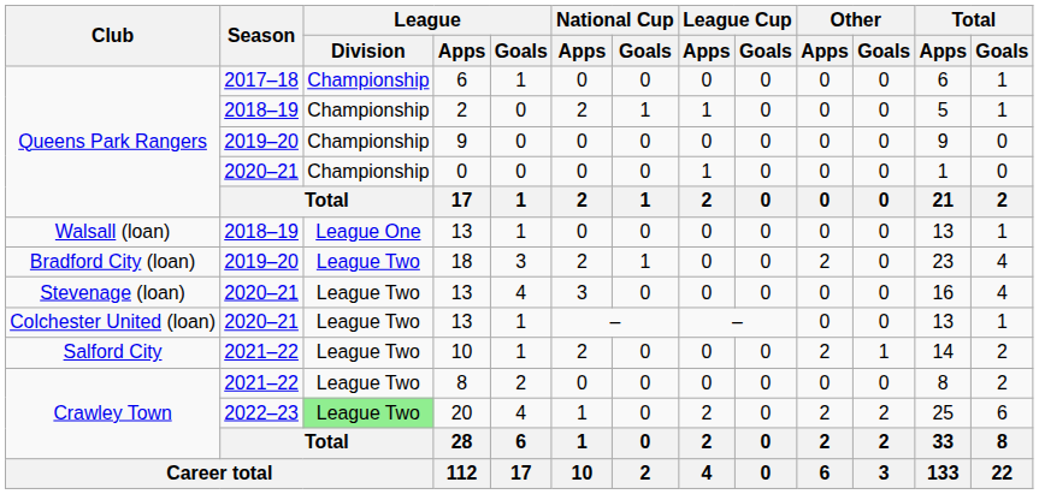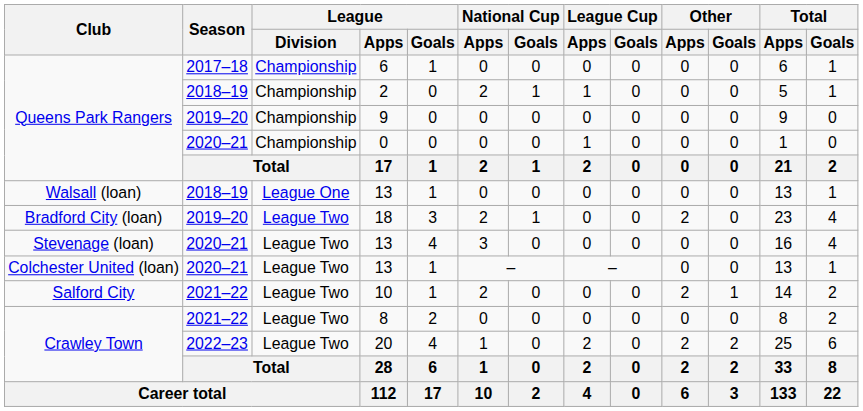 <table class=wikitable style="text-align: center;">
 <tr>
 <th rowspan=2>Club</th>
 <th rowspan=2>Season</th>
 <th colspan=3>League</th>
 <th colspan=2>National Cup</th>
 <th colspan=2>League Cup</th>
 <th colspan=2>Other</th>
 <th colspan=2>Total</th>
 </tr>
 <tr>
 <th>Division</th>
 <th>Apps</th>
 <th>Goals</th>
 <th>Apps</th>
 <th>Goals</th>
 <th>Apps</th>
 <th>Goals</th>
 <th>Apps</th>
 <th>Goals</th>
 <th>Apps</th>
 <th>Goals</th>
 </tr>
 <tr>
 <td rowspan="5"><a href='#'>Queens Park Rangers</a></td>
 <td><a href='#'>2017–18</a></td>
 <td><a href='#'>Championship</a></td>
 <td>6</td>
 <td>1</td>
 <td>0</td>
 <td>0</td>
 <td>0</td>
 <td>0</td>
 <td>0</td>
 <td>0</td>
 <td>6</td>
 <td>1</td>
 </tr>
 <tr>
 <td><a href='#'>2018–19</a></td>
 <td>Championship</td>
 <td>2</td>
 <td>0</td>
 <td>2</td>
 <td>1</td>
 <td>1</td>
 <td>0</td>
 <td>0</td>
 <td>0</td>
 <td>5</td>
 <td>1</td>
 </tr>
 <tr>
 <td><a href='#'>2019–20</a></td>
 <td>Championship</td>
 <td>9</td>
 <td>0</td>
 <td>0</td>
 <td>0</td>
 <td>0</td>
 <td>0</td>
 <td>0</td>
 <td>0</td>
 <td>9</td>
 <td>0</td>
 </tr>
 <tr>
 <td><a href='#'>2020–21</a></td>
 <td>Championship</td>
 <td>0</td>
 <td>0</td>
 <td>0</td>
 <td>0</td>
 <td>1</td>
 <td>0</td>
 <td>0</td>
 <td>0</td>
 <td>1</td>
 <td>0</td>
 </tr>
 <tr>
 <th colspan="2">Total</th>
 <th>17</th>
 <th>1</th>
 <th>2</th>
 <th>1</th>
 <th>2</th>
 <th>0</th>
 <th>0</th>
 <th>0</th>
 <th>21</th>
 <th>2</th>
 </tr>
 <tr>
 <td><a href='#'>Walsall</a> (loan)</td>
 <td><a href='#'>2018–19</a></td>
 <td><a href='#'>League One</a></td>
 <td>13</td>
 <td>1</td>
 <td>0</td>
 <td>0</td>
 <td>0</td>
 <td>0</td>
 <td>0</td>
 <td>0</td>
 <td>13</td>
 <td>1</td>
 </tr>
 <tr>
 <td><a href='#'>Bradford City</a> (loan)</td>
 <td><a href='#'>2019–20</a></td>
 <td><a href='#'>League Two</a></td>
 <td>18</td>
 <td>3</td>
 <td>2</td>
 <td>1</td>
 <td>0</td>
 <td>0</td>
 <td>2</td>
 <td>0</td>
 <td>23</td>
 <td>4</td>
 </tr>
 <tr>
 <td><a href='#'>Stevenage</a> (loan)</td>
 <td><a href='#'>2020–21</a></td>
 <td>League Two</td>
 <td>13</td>
 <td>4</td>
 <td>3</td>
 <td>0</td>
 <td>0</td>
 <td>0</td>
 <td>0</td>
 <td>0</td>
 <td>16</td>
 <td>4</td>
 </tr>
 <tr>
 <td><a href='#'>Colchester United</a> (loan)</td>
 <td><a href='#'>2020–21</a></td>
 <td>League Two</td>
 <td>13</td>
 <td>1</td>
 <td colspan=2>–</td>
 <td colspan=2>–</td>
 <td>0</td>
 <td>0</td>
 <td>13</td>
 <td>1</td>
 </tr>
 <tr>
 <td><a href='#'>Salford City</a></td>
 <td><a href='#'>2021–22</a></td>
 <td>League Two</td>
 <td>10</td>
 <td>1</td>
 <td>2</td>
 <td>0</td>
 <td>0</td>
 <td>0</td>
 <td>2</td>
 <td>1</td>
 <td>14</td>
 <td>2</td>
 </tr>
 <tr>
 <td rowspan="3"><a href='#'>Crawley Town</a></td>
 <td><a href='#'>2021–22</a></td>
 <td>League Two</td>
 <td>8</td>
 <td>2</td>
 <td>0</td>
 <td>0</td>
 <td>0</td>
 <td>0</td>
 <td>0</td>
 <td>0</td>
 <td>8</td>
 <td>2</td>
 </tr>
 <tr>
 <td><a href='#'>2022–23</a></td>
-<td style="background: lightgreen;">League Two</td>
+<td>League Two</td>
 <td>20</td>
 <td>4</td>
 <td>1</td>
 <td>0</td>
 <td>2</td>
 <td>0</td>
 <td>2</td>
 <td>2</td>
 <td>25</td>
 <td>6</td>
 </tr>
 <tr>
 <th colspan="2">Total</th>
 <th>28</th>
 <th>6</th>
 <th>1</th>
 <th>0</th>
 <th>2</th>
 <th>0</th>
 <th>2</th>
 <th>2</th>
 <th>33</th>
 <th>8</th>
 </tr>
 <tr>
 <th colspan="3">Career total</th>
 <th>112</th>
 <th>17</th>
 <th>10</th>
 <th>2</th>
 <th>4</th>
 <th>0</th>
 <th>6</th>
 <th>3</th>
 <th>133</th>
 <th>22</th>
 </tr>
 </table>
